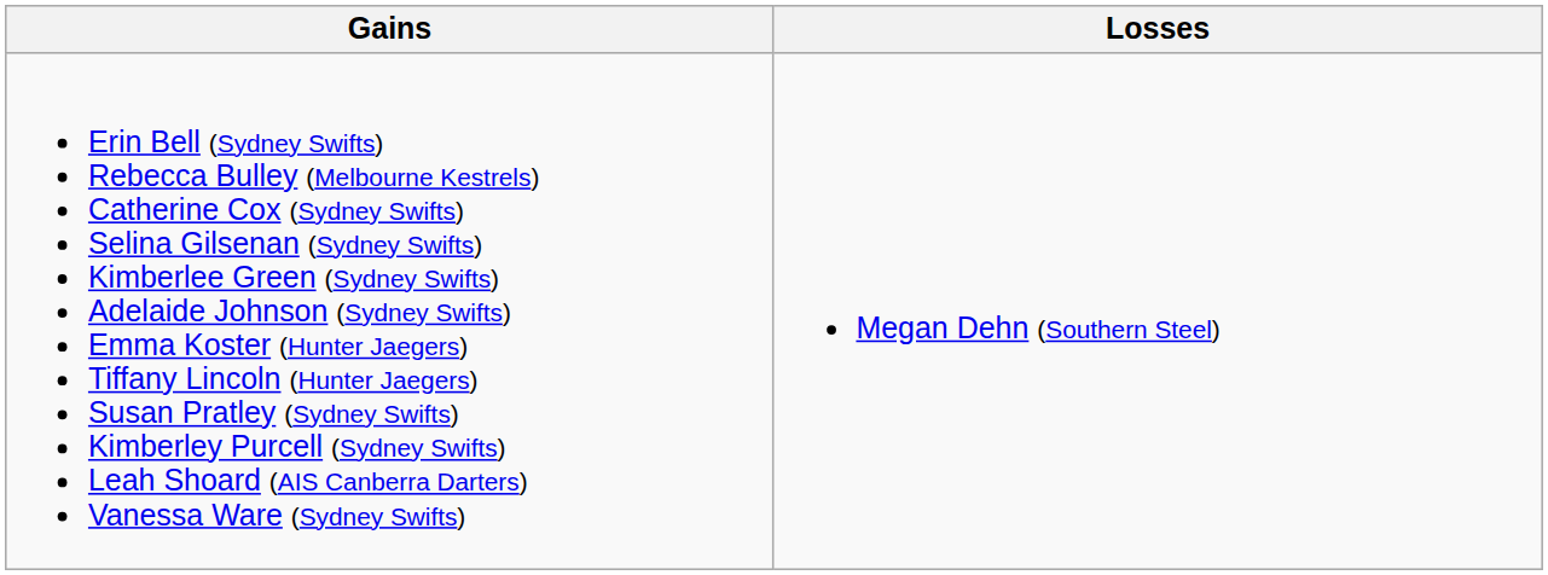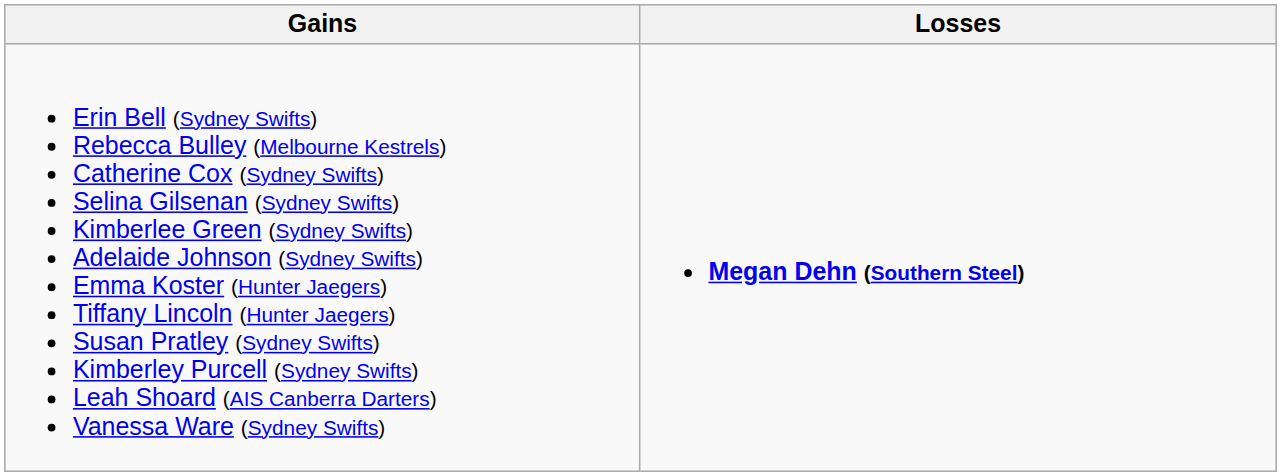 <table class=wikitable>
 <tr>
 <th width=400> Gains</th>
 <th width=400> Losses</th>
 </tr>
 <tr>
 <td><br><ul><li><a href='#'>Erin Bell</a> <small>(<a href='#'>Sydney Swifts</a>)</small></li><li><a href='#'>Rebecca Bulley</a> <small>(<a href='#'>Melbourne Kestrels</a>)</small></li><li><a href='#'>Catherine Cox</a> <small>(<a href='#'>Sydney Swifts</a>)</small></li><li><a href='#'>Selina Gilsenan</a> <small>(<a href='#'>Sydney Swifts</a>)</small></li><li><a href='#'>Kimberlee Green</a> <small>(<a href='#'>Sydney Swifts</a>)</small></li><li><a href='#'>Adelaide Johnson</a> <small>(<a href='#'>Sydney Swifts</a>)</small></li><li><a href='#'>Emma Koster</a> <small>(<a href='#'>Hunter Jaegers</a>)</small></li><li><a href='#'>Tiffany Lincoln</a> <small>(<a href='#'>Hunter Jaegers</a>)</small></li><li><a href='#'>Susan Pratley</a> <small>(<a href='#'>Sydney Swifts</a>)</small></li><li><a href='#'>Kimberley Purcell</a> <small>(<a href='#'>Sydney Swifts</a>)</small></li><li><a href='#'>Leah Shoard</a> <small>(<a href='#'>AIS Canberra Darters</a>)</small></li><li><a href='#'>Vanessa Ware</a> <small>(<a href='#'>Sydney Swifts</a>)</small></li></ul></td>
-<td><br><ul><li><a href='#'>Megan Dehn</a> <small>(<a href='#'>Southern Steel</a>)</small> <em></em></li></ul></td>
+<td><strong><br><ul><li><a href='#'>Megan Dehn</a> <small>(<a href='#'>Southern Steel</a>)</small> <em></em></li></ul></strong></td>
 </tr>
 </table>
